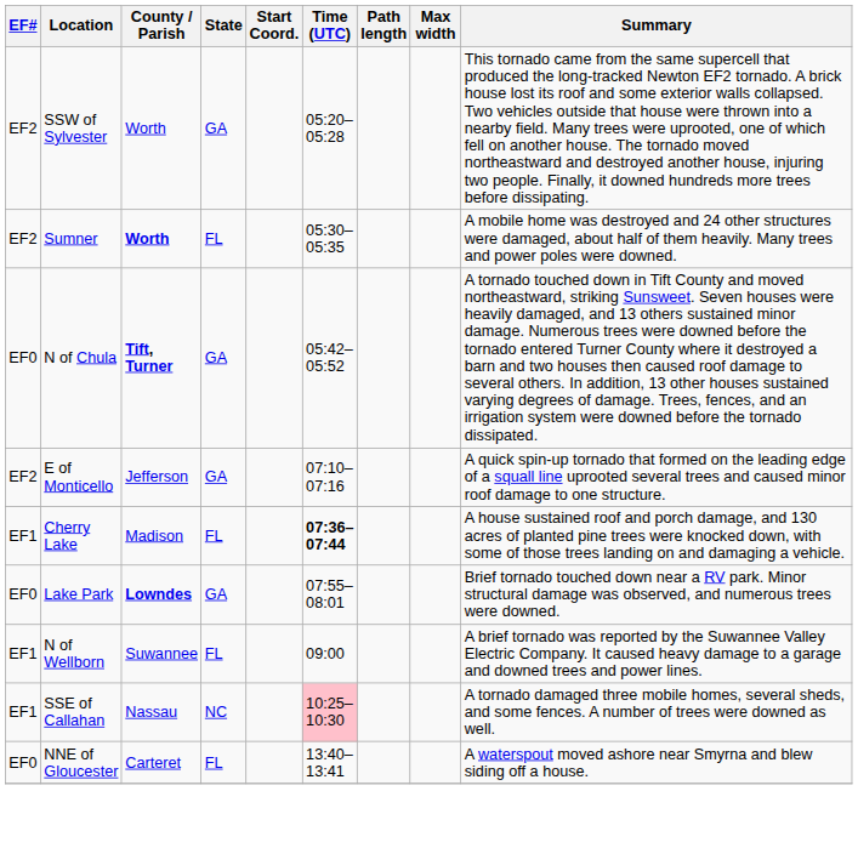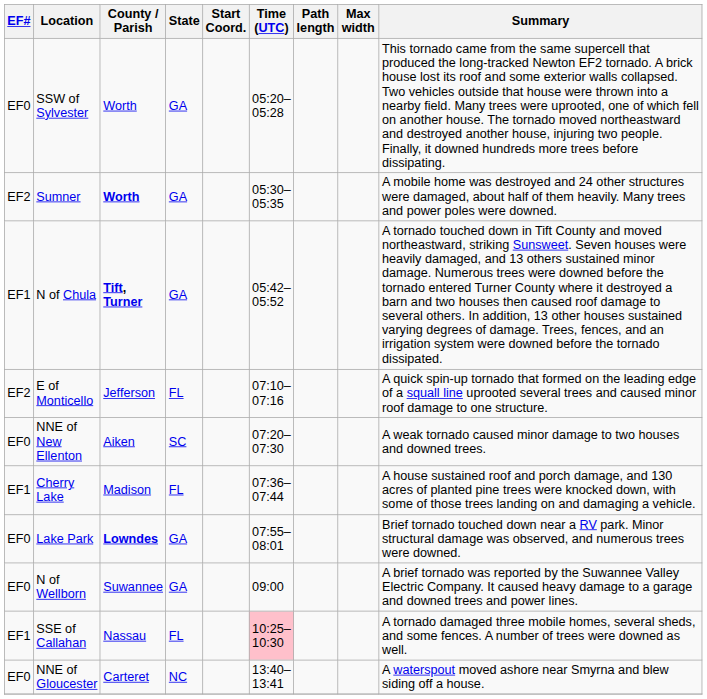 <table class="wikitable sortable" style="width:100%;">
 <tr>
 <th scope="col"  style="width:3%; text-align:center;"><a href='#'>EF#</a></th>
 <th scope="col"  style="width:7%; text-align:center;" class="unsortable">Location</th>
 <th scope="col"  style="width:6%; text-align:center;" class="unsortable">County / Parish</th>
 <th scope="col"  style="width:5%; text-align:center;">State</th>
 <th scope="col"  style="width:6%; text-align:center;">Start Coord.</th>
 <th scope="col"  style="width:6%; text-align:center;">Time (<a href='#'>UTC</a>)</th>
 <th scope="col"  style="width:6%; text-align:center;">Path length</th>
 <th scope="col"  style="width:6%; text-align:center;">Max width</th>
 <th scope="col" class="unsortable" style="width:48%; text-align:center;">Summary</th>
 </tr>
 <tr>
-<td>EF2</td>
+<td>EF0</td>
 <td>SSW of <a href='#'>Sylvester</a></td>
 <td><a href='#'>Worth</a></td>
 <td><a href='#'>GA</a></td>
 <td></td>
 <td>05:20–05:28</td>
 <td></td>
 <td></td>
 <td>This tornado came from the same supercell that produced the long-tracked Newton EF2 tornado. A brick house lost its roof and some exterior walls collapsed. Two vehicles outside that house were thrown into a nearby field. Many trees were uprooted, one of which fell on another house. The tornado moved northeastward and destroyed another house, injuring two people. Finally, it downed hundreds more trees before dissipating.</td>
 </tr>
 <tr>
 <td>EF2</td>
 <td><a href='#'>Sumner</a></td>
 <td><strong><a href='#'>Worth</a></strong></td>
-<td><a href='#'>FL</a></td>
+<td><a href='#'>GA</a></td>
 <td></td>
 <td>05:30–05:35</td>
 <td></td>
 <td></td>
 <td>A mobile home was destroyed and 24 other structures were damaged, about half of them heavily. Many trees and power poles were downed.</td>
 </tr>
 <tr>
-<td>EF0</td>
+<td>EF1</td>
 <td>N of <a href='#'>Chula</a></td>
 <td><strong><a href='#'>Tift</a>, <a href='#'>Turner</a></strong></td>
 <td><a href='#'>GA</a></td>
 <td></td>
 <td>05:42–05:52</td>
 <td></td>
 <td></td>
 <td>A tornado touched down in Tift County and moved northeastward, striking <a href='#'>Sunsweet</a>. Seven houses were heavily damaged, and 13 others sustained minor damage. Numerous trees were downed before the tornado entered Turner County where it destroyed a barn and two houses then caused roof damage to several others. In addition, 13 other houses sustained varying degrees of damage. Trees, fences, and an irrigation system were downed before the tornado dissipated.</td>
 </tr>
 <tr>
 <td>EF2</td>
 <td>E of <a href='#'>Monticello</a></td>
 <td><a href='#'>Jefferson</a></td>
-<td><a href='#'>GA</a></td>
+<td><a href='#'>FL</a></td>
 <td></td>
 <td>07:10–07:16</td>
 <td></td>
 <td></td>
 <td>A quick spin-up tornado that formed on the leading edge of a <a href='#'>squall line</a> uprooted several trees and caused minor roof damage to one structure.</td>
 </tr>
 <tr>
+<td>EF0</td>
+<td>NNE of <a href='#'>New Ellenton</a></td>
+<td><a href='#'>Aiken</a></td>
+<td><a href='#'>SC</a></td>
+<td></td>
+<td>07:20–07:30</td>
+<td></td>
+<td></td>
+<td>A weak tornado caused minor damage to two houses and downed trees.</td>
+</tr>
+<tr>
 <td>EF1</td>
 <td><a href='#'>Cherry Lake</a></td>
 <td><a href='#'>Madison</a></td>
 <td><a href='#'>FL</a></td>
 <td></td>
-<td><strong>07:36–07:44</strong></td>
+<td>07:36–07:44</td>
 <td></td>
 <td></td>
 <td>A house sustained roof and porch damage, and 130 acres of planted pine trees were knocked down, with some of those trees landing on and damaging a vehicle.</td>
 </tr>
 <tr>
 <td>EF0</td>
 <td><a href='#'>Lake Park</a></td>
 <td><strong><a href='#'>Lowndes</a></strong></td>
 <td><a href='#'>GA</a></td>
 <td></td>
 <td>07:55–08:01</td>
 <td></td>
 <td></td>
 <td>Brief tornado touched down near a <a href='#'>RV</a> park. Minor structural damage was observed, and numerous trees were downed.</td>
 </tr>
 <tr>
-<td>EF1</td>
+<td>EF0</td>
 <td>N of <a href='#'>Wellborn</a></td>
 <td><a href='#'>Suwannee</a></td>
-<td><a href='#'>FL</a></td>
+<td><a href='#'>GA</a></td>
 <td></td>
 <td>09:00</td>
 <td></td>
 <td></td>
 <td>A brief tornado was reported by the Suwannee Valley Electric Company. It caused heavy damage to a garage and downed trees and power lines.</td>
 </tr>
 <tr>
 <td>EF1</td>
 <td>SSE of <a href='#'>Callahan</a></td>
 <td><a href='#'>Nassau</a></td>
-<td><a href='#'>NC</a></td>
+<td><a href='#'>FL</a></td>
 <td></td>
 <td style="background: pink;">10:25–10:30</td>
 <td></td>
 <td></td>
 <td>A tornado damaged three mobile homes, several sheds, and some fences. A number of trees were downed as well.</td>
 </tr>
 <tr>
 <td>EF0</td>
 <td>NNE of <a href='#'>Gloucester</a></td>
 <td><a href='#'>Carteret</a></td>
-<td><a href='#'>FL</a></td>
+<td><a href='#'>NC</a></td>
 <td></td>
 <td>13:40–13:41</td>
 <td></td>
 <td></td>
 <td>A <a href='#'>waterspout</a> moved ashore near Smyrna and blew siding off a house.</td>
 </tr>
 <tr>
 </tr>
 </table>
